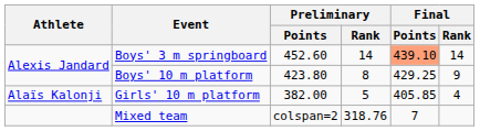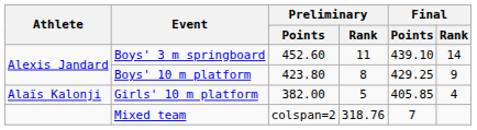 <table class="wikitable" style="font-size:90%;">
 <tr>
 <th rowspan=2>Athlete</th>
 <th rowspan=2>Event</th>
 <th colspan=2>Preliminary</th>
 <th colspan=2>Final</th>
 </tr>
 <tr>
 <th>Points</th>
 <th>Rank</th>
 <th>Points</th>
 <th>Rank</th>
 </tr>
 <tr align=center>
 <td align=left rowspan=2><a href='#'>Alexis Jandard</a></td>
 <td align=left><a href='#'>Boys' 3 m springboard</a></td>
 <td>452.60</td>
-<td>14</td>
-<td style="background: lightsalmon;">439.10</td>
+<td>11</td>
+<td>439.10</td>
 <td>14</td>
 </tr>
 <tr align=center>
 <td align=left><a href='#'>Boys' 10 m platform</a></td>
 <td>423.80</td>
 <td>8</td>
 <td>429.25</td>
 <td>9</td>
 </tr>
 <tr align=center>
 <td align=left><a href='#'>Alaïs Kalonji</a></td>
 <td align=left><a href='#'>Girls' 10 m platform</a></td>
 <td>382.00</td>
 <td>5</td>
 <td>405.85</td>
 <td>4</td>
 </tr>
 <tr align=center>
 <td align=left><br></td>
 <td align=left><a href='#'>Mixed team</a></td>
 <td>colspan=2 </td>
 <td>318.76</td>
 <td>7</td>
 </tr>
 </table>
